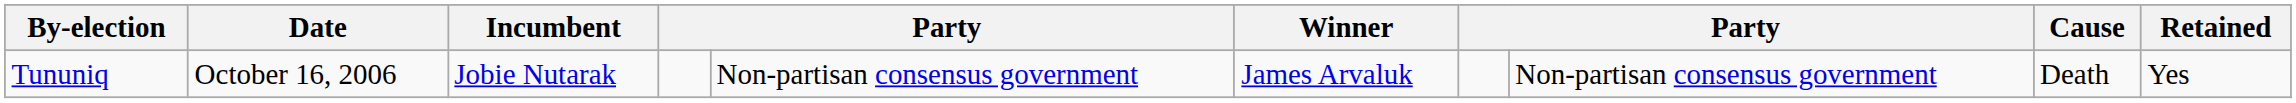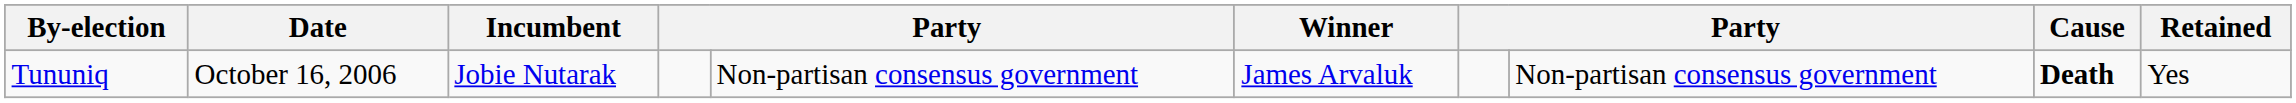 <table class=wikitable style="width:100%">
 <tr>
 <th>By-election</th>
 <th>Date</th>
 <th>Incumbent</th>
 <th colspan=2>Party</th>
 <th>Winner</th>
 <th colspan=2>Party</th>
 <th>Cause</th>
 <th>Retained</th>
 </tr>
 <tr>
 <td><a href='#'>Tununiq</a></td>
 <td>October 16, 2006</td>
 <td><a href='#'>Jobie Nutarak</a></td>
 <td>    </td>
 <td>Non-partisan <a href='#'>consensus government</a></td>
 <td><a href='#'>James Arvaluk</a></td>
 <td>    </td>
 <td>Non-partisan <a href='#'>consensus government</a></td>
-<td>Death</td>
+<td><strong>Death</strong></td>
 <td>Yes</td>
 </tr>
 </table>
